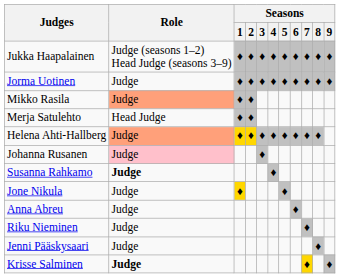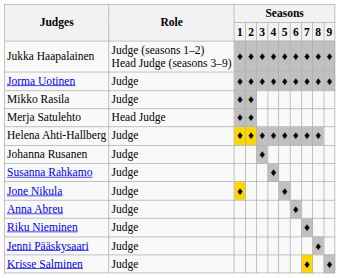 <table class="wikitable">
 <tr>
 <th rowspan="2">Judges</th>
 <th rowspan="2">Role</th>
 <th colspan="12">Seasons</th>
 </tr>
 <tr>
 <th>1</th>
 <th>2</th>
 <th>3</th>
 <th>4</th>
 <th>5</th>
 <th>6</th>
 <th>7</th>
 <th>8</th>
 <th>9</th>
 </tr>
 <tr>
 <td>Jukka Haapalainen</td>
 <td>Judge (seasons 1–2)<br>Head Judge (seasons 3–9)</td>
 <td align="center" bgcolor="silver">♦</td>
 <td align="center" bgcolor="silver">♦</td>
 <td align="center" bgcolor="silver">♦</td>
 <td align="center" bgcolor="silver">♦</td>
 <td align="center" bgcolor="silver">♦</td>
 <td align="center" bgcolor="silver">♦</td>
 <td align="center" bgcolor="silver">♦</td>
 <td align="center" bgcolor="silver">♦</td>
 <td align="center" bgcolor="silver">♦</td>
 </tr>
 <tr>
 <td><a href='#'>Jorma Uotinen</a></td>
 <td>Judge</td>
 <td align="center" bgcolor="silver">♦</td>
 <td align="center" bgcolor="silver">♦</td>
 <td align="center" bgcolor="silver">♦</td>
 <td align="center" bgcolor="silver">♦</td>
 <td align="center" bgcolor="silver">♦</td>
 <td align="center" bgcolor="silver">♦</td>
 <td align="center" bgcolor="silver">♦</td>
 <td align="center" bgcolor="silver">♦</td>
 <td align="center" bgcolor="silver">♦</td>
 </tr>
 <tr>
 <td>Mikko Rasila</td>
-<td style="background: lightsalmon;">Judge</td>
+<td>Judge</td>
 <td align="center" bgcolor="silver">♦</td>
 <td align="center" bgcolor="silver">♦</td>
 <td></td>
 <td></td>
 <td></td>
 <td></td>
 <td></td>
 <td></td>
 <td></td>
 </tr>
 <tr>
 <td>Merja Satulehto</td>
 <td>Head Judge</td>
 <td align="center" bgcolor="silver">♦</td>
 <td align="center" bgcolor="silver">♦</td>
 <td></td>
 <td></td>
 <td></td>
 <td></td>
 <td></td>
 <td></td>
 <td></td>
 </tr>
 <tr>
 <td>Helena Ahti-Hallberg</td>
-<td style="background: lightsalmon;">Judge</td>
+<td>Judge</td>
 <td align="center" bgcolor="gold">♦</td>
 <td align="center" bgcolor="gold">♦</td>
 <td align="center" bgcolor="silver">♦</td>
 <td align="center" bgcolor="silver">♦</td>
 <td align="center" bgcolor="silver">♦</td>
 <td align="center" bgcolor="silver">♦</td>
 <td align="center" bgcolor="silver">♦</td>
 <td align="center" bgcolor="silver">♦</td>
 <td></td>
 </tr>
 <tr>
 <td>Johanna Rusanen</td>
-<td style="background: pink;">Judge</td>
+<td>Judge</td>
 <td></td>
 <td></td>
 <td align="center" bgcolor="silver">♦</td>
 <td></td>
 <td></td>
 <td></td>
 <td></td>
 <td></td>
 <td></td>
 </tr>
 <tr>
 <td><a href='#'>Susanna Rahkamo</a></td>
-<td><strong>Judge</strong></td>
+<td>Judge</td>
 <td></td>
 <td></td>
 <td></td>
 <td align="center" bgcolor="silver">♦</td>
 <td></td>
 <td></td>
 <td></td>
 <td></td>
 <td></td>
 </tr>
 <tr>
 <td><a href='#'>Jone Nikula</a></td>
 <td>Judge</td>
 <td align="center" bgcolor="gold">♦</td>
 <td></td>
 <td></td>
 <td></td>
 <td align="center" bgcolor="silver">♦</td>
 <td></td>
 <td></td>
 <td></td>
 <td></td>
 </tr>
 <tr>
 <td><a href='#'>Anna Abreu</a></td>
 <td>Judge</td>
 <td></td>
 <td></td>
 <td></td>
 <td></td>
 <td></td>
 <td align="center" bgcolor="silver">♦</td>
 <td></td>
 <td></td>
 <td></td>
 </tr>
 <tr>
 <td><a href='#'>Riku Nieminen</a></td>
 <td>Judge</td>
 <td></td>
 <td></td>
 <td></td>
 <td></td>
 <td></td>
 <td></td>
 <td align="center" bgcolor="silver">♦</td>
 <td></td>
 <td></td>
 </tr>
 <tr>
 <td><a href='#'>Jenni Pääskysaari</a></td>
 <td>Judge</td>
 <td></td>
 <td></td>
 <td></td>
 <td></td>
 <td></td>
 <td></td>
 <td></td>
 <td align="center" bgcolor="silver">♦</td>
 <td></td>
 </tr>
 <tr>
 <td><a href='#'>Krisse Salminen</a></td>
-<td><strong>Judge</strong></td>
+<td>Judge</td>
 <td></td>
 <td></td>
 <td></td>
 <td></td>
 <td></td>
 <td></td>
 <td align="center" bgcolor="gold">♦</td>
 <td></td>
 <td align="center" bgcolor="silver">♦</td>
 </tr>
 </table>
